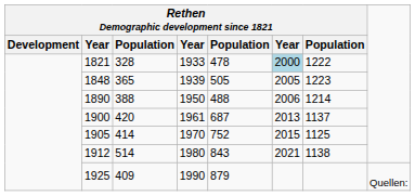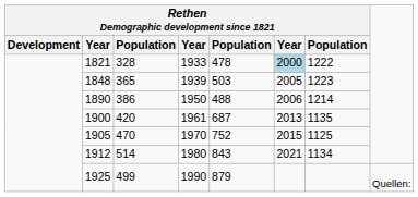 <table class="wikitable zebra">
 <tr class="hintergrundfarbe6">
 <th colspan="7"><em>Rethen<br><small>Demographic development since 1821</small></em></th>
 </tr>
 <tr>
 <th>Development</th>
 <th>Year</th>
 <th>Population</th>
 <th>Year</th>
 <th>Population</th>
 <th>Year</th>
 <th>Population</th>
 </tr>
 <tr>
 <td rowspan="7" class="hintergrundfarbe2"><br></td>
 <td>1821</td>
 <td>328</td>
 <td>1933</td>
 <td>478</td>
 <td style="background: lightblue;">2000</td>
 <td>1222</td>
 </tr>
 <tr>
 <td>1848</td>
 <td>365</td>
 <td>1939</td>
-<td>505</td>
+<td>503</td>
 <td>2005</td>
 <td>1223</td>
 </tr>
 <tr>
 <td>1890</td>
-<td>388</td>
+<td>386</td>
 <td>1950</td>
 <td>488</td>
 <td>2006</td>
 <td>1214</td>
 </tr>
 <tr>
 <td>1900</td>
 <td>420</td>
 <td>1961</td>
 <td>687</td>
 <td>2013</td>
-<td>1137</td>
+<td>1135</td>
 </tr>
 <tr>
 <td>1905</td>
-<td>414</td>
+<td>470</td>
 <td>1970</td>
 <td>752</td>
 <td>2015</td>
 <td>1125</td>
 </tr>
 <tr>
 <td>1912</td>
 <td>514</td>
 <td>1980</td>
 <td>843</td>
 <td>2021</td>
-<td>1138</td>
+<td>1134</td>
 </tr>
 <tr>
 <td>1925</td>
-<td>409</td>
+<td>499</td>
 <td>1990</td>
 <td>879</td>
 <td></td>
 <td></td>
 <td colspan="6" style="font-size:90%;"><br>Quellen: </td>
 </tr>
 </table>
